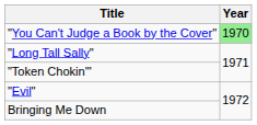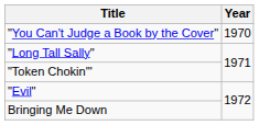 <table class="wikitable">
 <tr>
 <th>Title</th>
 <th>Year</th>
 </tr>
 <tr>
 <td>"<a href='#'>You Can't Judge a Book by the Cover</a>"</td>
-<td style="background: lightgreen;">1970</td>
+<td>1970</td>
 </tr>
 <tr>
 <td>"<a href='#'>Long Tall Sally</a>"</td>
 <td rowspan="2">1971</td>
 </tr>
 <tr>
 <td>"Token Chokin'"</td>
 </tr>
 <tr>
 <td>"<a href='#'>Evil</a>"</td>
 <td rowspan="2">1972</td>
 </tr>
 <tr>
 <td>Bringing Me Down</td>
 </tr>
 </table>
